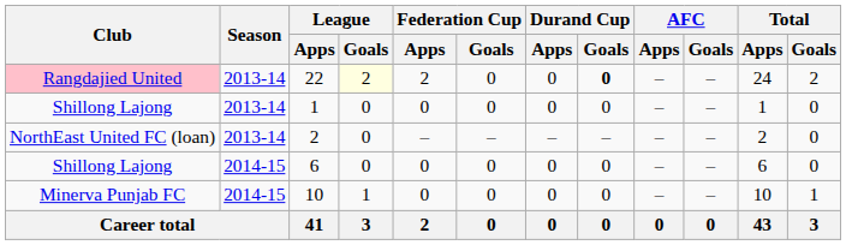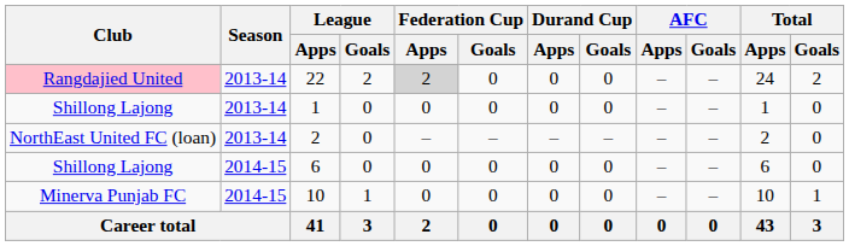 <table class="wikitable" style="text-align: center;">
 <tr>
 <th rowspan="2">Club</th>
 <th rowspan="2">Season</th>
 <th colspan="2">League</th>
 <th colspan="2">Federation Cup</th>
 <th colspan="2">Durand Cup</th>
 <th colspan="2"><a href='#'>AFC</a></th>
 <th colspan="2">Total</th>
 </tr>
 <tr>
 <th>Apps</th>
 <th>Goals</th>
 <th>Apps</th>
 <th>Goals</th>
 <th>Apps</th>
 <th>Goals</th>
 <th>Apps</th>
 <th>Goals</th>
 <th>Apps</th>
 <th>Goals</th>
 </tr>
 <tr>
 <td rowspan="1" style="background: pink;"><a href='#'>Rangdajied United</a></td>
 <td><a href='#'>2013-14</a></td>
 <td>22</td>
-<td style="background: lightyellow;">2</td>
 <td>2</td>
+<td style="background: lightgrey;">2</td>
 <td>0</td>
 <td>0</td>
-<td><strong>0</strong></td>
+<td>0</td>
 <td>–</td>
 <td>–</td>
 <td>24</td>
 <td>2</td>
 </tr>
 <tr>
 <td rowspan="1"><a href='#'>Shillong Lajong</a></td>
 <td><a href='#'>2013-14</a></td>
 <td>1</td>
 <td>0</td>
 <td>0</td>
 <td>0</td>
 <td>0</td>
 <td>0</td>
 <td>–</td>
 <td>–</td>
 <td>1</td>
 <td>0</td>
 </tr>
 <tr>
 <td rowspan="1"><a href='#'>NorthEast United FC</a> (loan)</td>
 <td><a href='#'>2013-14</a></td>
 <td>2</td>
 <td>0</td>
 <td>–</td>
 <td>–</td>
 <td>–</td>
 <td>–</td>
 <td>–</td>
 <td>–</td>
 <td>2</td>
 <td>0</td>
 </tr>
 <tr>
 <td rowspan="1"><a href='#'>Shillong Lajong</a></td>
 <td><a href='#'>2014-15</a></td>
 <td>6</td>
 <td>0</td>
 <td>0</td>
 <td>0</td>
 <td>0</td>
 <td>0</td>
 <td>–</td>
 <td>–</td>
 <td>6</td>
 <td>0</td>
 </tr>
 <tr>
 <td rowspan="1"><a href='#'>Minerva Punjab FC</a></td>
 <td><a href='#'>2014-15</a></td>
 <td>10</td>
 <td>1</td>
 <td>0</td>
 <td>0</td>
 <td>0</td>
 <td>0</td>
 <td>–</td>
 <td>–</td>
 <td>10</td>
 <td>1</td>
 </tr>
 <tr>
 <th colspan="2">Career total</th>
 <th>41</th>
 <th>3</th>
 <th>2</th>
 <th>0</th>
 <th>0</th>
 <th>0</th>
 <th>0</th>
 <th>0</th>
 <th>43</th>
 <th>3</th>
 </tr>
 </table>
